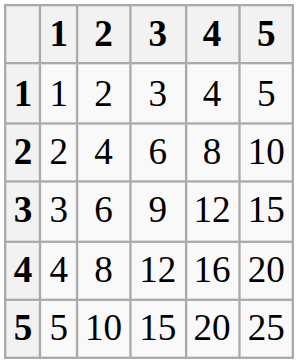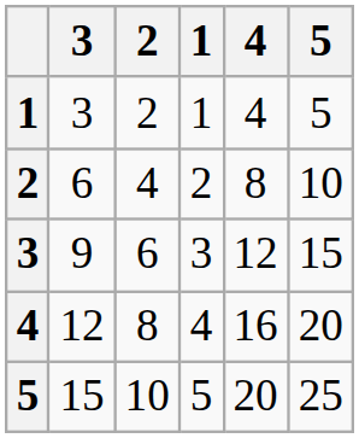 <table class="wikitable" style="text-align: center;">
 <tr>
 <th></th>
+<th>3</th>
+<th>2</th>
 <th>1</th>
-<th>2</th>
-<th>3</th>
 <th>4</th>
 <th>5</th>
 </tr>
 <tr>
 <th>1</th>
+<td>3</td>
+<td>2</td>
 <td>1</td>
-<td>2</td>
-<td>3</td>
 <td>4</td>
 <td>5</td>
 </tr>
 <tr>
 <th>2</th>
+<td>6</td>
+<td>4</td>
 <td>2</td>
-<td>4</td>
-<td>6</td>
 <td>8</td>
 <td>10</td>
 </tr>
 <tr>
 <th>3</th>
+<td>9</td>
+<td>6</td>
 <td>3</td>
-<td>6</td>
-<td>9</td>
 <td>12</td>
 <td>15</td>
 </tr>
 <tr>
 <th>4</th>
+<td>12</td>
+<td>8</td>
 <td>4</td>
-<td>8</td>
-<td>12</td>
 <td>16</td>
 <td>20</td>
 </tr>
 <tr>
 <th>5</th>
+<td>15</td>
+<td>10</td>
 <td>5</td>
-<td>10</td>
-<td>15</td>
 <td>20</td>
 <td>25</td>
 </tr>
 </table>
